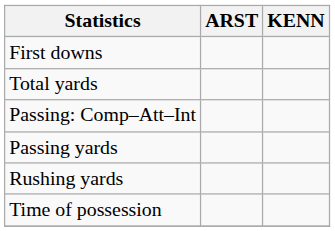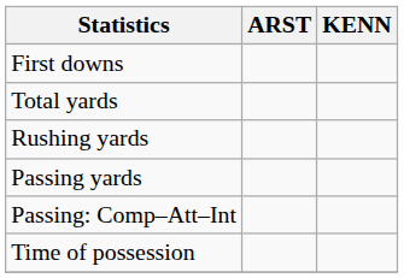 <table class="wikitable" style="float: left;">
 <tr>
 <th>Statistics</th>
 <th>ARST</th>
 <th>KENN</th>
 </tr>
 <tr>
 <td>First downs</td>
 <td></td>
 <td></td>
 </tr>
 <tr>
 <td>Total yards</td>
 <td></td>
 <td></td>
 </tr>
 <tr>
-<td>Passing: Comp–Att–Int</td>
+<td>Rushing yards</td>
 <td></td>
 <td></td>
 </tr>
 <tr>
 <td>Passing yards</td>
 <td></td>
 <td></td>
 </tr>
 <tr>
-<td>Rushing yards</td>
+<td>Passing: Comp–Att–Int</td>
 <td></td>
 <td></td>
 </tr>
 <tr>
 <td>Time of possession</td>
 <td></td>
 <td></td>
 </tr>
 <tr>
 </tr>
 </table>
